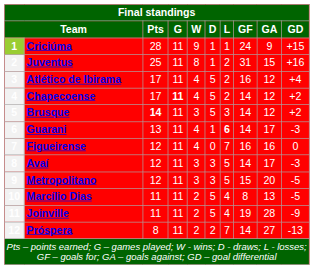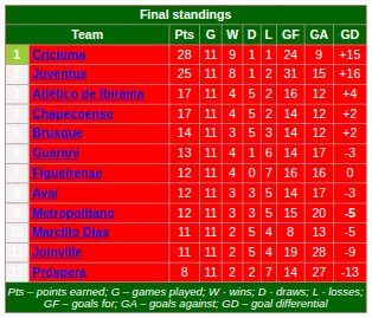 <table class="wikitable" style="text-align:center; color:white; background:#ff0000">
 <tr>
 <th style="background:#006400" colspan="10">Final standings</th>
 </tr>
 <tr>
 <th style="background:#006400" colspan="2">Team</th>
 <th style="background:#006400">Pts</th>
 <th style="background:#006400">G</th>
 <th style="background:#006400">W</th>
 <th style="background:#006400">D</th>
 <th style="background:#006400">L</th>
 <th style="background:#006400">GF</th>
 <th style="background:#006400">GA</th>
 <th style="background:#006400">GD</th>
 </tr>
 <tr>
 <th style="background:#9acd32">1</th>
 <td align=left><strong><a href='#'><span>Criciúma</span></a></strong></td>
 <td>28</td>
 <td>11</td>
 <td>9</td>
 <td>1</td>
 <td>1</td>
 <td>24</td>
 <td>9</td>
 <td>+15</td>
 </tr>
 <tr>
 <th>2</th>
 <td align=left><strong><a href='#'><span>Juventus</span></a></strong></td>
 <td>25</td>
 <td>11</td>
 <td>8</td>
 <td>1</td>
 <td>2</td>
 <td>31</td>
 <td>15</td>
 <td>+16</td>
 </tr>
 <tr>
 <th>3</th>
 <td align=left><strong><a href='#'><span>Atlético de Ibirama</span></a></strong></td>
 <td>17</td>
 <td>11</td>
 <td>4</td>
 <td>5</td>
 <td>2</td>
 <td>16</td>
 <td>12</td>
 <td>+4</td>
 </tr>
 <tr>
 <th>4</th>
 <td align=left><strong><a href='#'><span>Chapecoense</span></a></strong></td>
 <td>17</td>
-<td><strong>11</strong></td>
+<td>11</td>
 <td>4</td>
 <td>5</td>
 <td>2</td>
 <td>14</td>
 <td>12</td>
 <td>+2</td>
 </tr>
 <tr>
 <th>5</th>
 <td align=left><strong><a href='#'><span>Brusque</span></a></strong></td>
-<td><strong>14</strong></td>
+<td>14</td>
 <td>11</td>
 <td>3</td>
 <td>5</td>
 <td>3</td>
 <td>14</td>
 <td>12</td>
 <td>+2</td>
 </tr>
 <tr>
 <th>6</th>
 <td align=left><strong><a href='#'><span>Guarani</span></a></strong></td>
 <td>13</td>
 <td>11</td>
 <td>4</td>
 <td>1</td>
-<td><strong>6</strong></td>
+<td>6</td>
 <td>14</td>
 <td>17</td>
 <td>-3</td>
 </tr>
 <tr>
 <th>7</th>
 <td align=left><strong><a href='#'><span>Figueirense</span></a></strong></td>
 <td>12</td>
 <td>11</td>
 <td>4</td>
 <td>0</td>
 <td>7</td>
 <td>16</td>
 <td>16</td>
 <td>0</td>
 </tr>
 <tr>
 <th>8</th>
 <td align=left><strong><a href='#'><span>Avaí</span></a></strong></td>
 <td>12</td>
 <td>11</td>
 <td>3</td>
 <td>3</td>
 <td>5</td>
 <td>14</td>
 <td>17</td>
 <td>-3</td>
 </tr>
 <tr>
 <th>9</th>
 <td align=left><strong><a href='#'><span>Metropolitano</span></a></strong></td>
 <td>12</td>
 <td>11</td>
 <td>3</td>
 <td>3</td>
 <td>5</td>
 <td>15</td>
 <td>20</td>
-<td>-5</td>
+<td><strong>-5</strong></td>
 </tr>
 <tr>
 <th>10</th>
 <td align=left><strong><a href='#'><span>Marcílio Dias</span></a></strong></td>
 <td>11</td>
 <td>11</td>
 <td>2</td>
 <td>5</td>
 <td>4</td>
 <td>8</td>
 <td>13</td>
 <td>-5</td>
 </tr>
 <tr>
 <th>11</th>
 <td align=left><strong><a href='#'><span>Joinville</span></a></strong></td>
 <td>11</td>
 <td>11</td>
 <td>2</td>
 <td>5</td>
 <td>4</td>
 <td>19</td>
 <td>28</td>
 <td>-9</td>
 </tr>
 <tr>
 <th>12</th>
 <td align=left><strong><a href='#'><span>Próspera</span></a></strong></td>
 <td>8</td>
 <td>11</td>
 <td>2</td>
 <td>2</td>
 <td>7</td>
 <td>14</td>
 <td>27</td>
 <td>-13</td>
 </tr>
 <tr>
 <td colspan="10" style="background:#006400; font-size:90%; font-style:italic">Pts – points earned; G – games played; W - wins; D - draws; L - losses;<br>GF – goals for; GA – goals against; GD – goal differential</td>
 </tr>
 </table>
